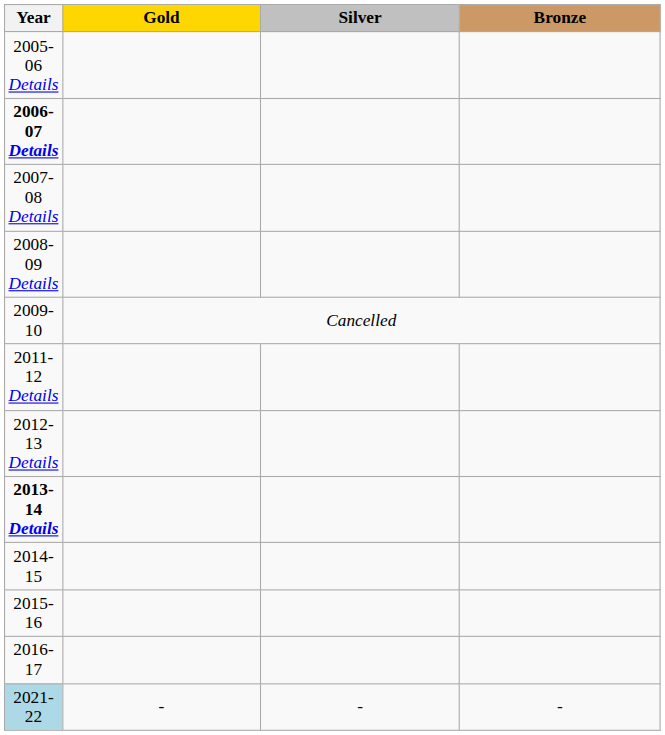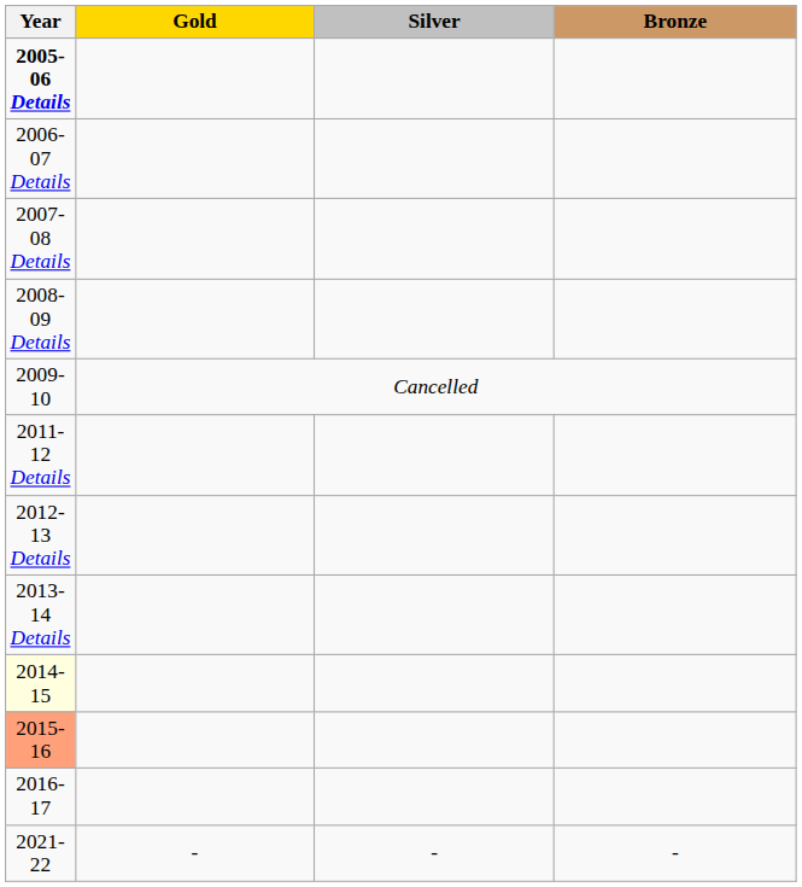 <table class="wikitable">
 <tr>
 <th>Year</th>
 <th scope=col colspan=1 style="width:200px; background: gold;">Gold</th>
 <th scope=col colspan=1 style="width:200px; background: silver;">Silver</th>
 <th scope=col colspan=1 style="width:200px; background: #cc9966;">Bronze</th>
 </tr>
 <tr align=center>
-<td>2005-06 <br><em><a href='#'>Details</a></em></td>
+<td><strong>2005-06 <br><em><a href='#'>Details</a></em></strong></td>
 <td><strong></strong></td>
 <td></td>
 <td></td>
 </tr>
 <tr align=center>
-<td><strong>2006-07 <br><em><a href='#'>Details</a></em></strong></td>
+<td>2006-07 <br><em><a href='#'>Details</a></em></td>
 <td><strong></strong></td>
 <td></td>
 <td></td>
 </tr>
 <tr align=center>
 <td>2007-08 <br><em><a href='#'>Details</a></em></td>
 <td><strong></strong></td>
 <td></td>
 <td></td>
 </tr>
 <tr align=center>
 <td>2008-09 <br><em><a href='#'>Details</a></em></td>
 <td><strong></strong></td>
 <td></td>
 <td></td>
 </tr>
 <tr align=center>
 <td>2009-10</td>
 <td colspan=3><em>Cancelled</em></td>
 </tr>
 <tr align=center>
 <td>2011-12 <br><em><a href='#'>Details</a></em></td>
 <td><strong></strong></td>
 <td></td>
 <td></td>
 </tr>
 <tr align=center>
 <td>2012-13 <br><em><a href='#'>Details</a></em></td>
 <td><strong></strong></td>
 <td></td>
 <td></td>
 </tr>
 <tr align=center>
-<td><strong>2013-14 <br><em><a href='#'>Details</a></em></strong></td>
+<td>2013-14 <br><em><a href='#'>Details</a></em></td>
 <td><strong></strong></td>
 <td><strong></strong></td>
 <td><strong></strong></td>
 </tr>
 <tr align=center>
-<td>2014-15</td>
+<td style="background: lightyellow;">2014-15</td>
 <td><strong></strong></td>
 <td></td>
 <td></td>
 </tr>
 <tr align=center>
-<td>2015-16</td>
+<td style="background: lightsalmon;">2015-16</td>
 <td><strong></strong></td>
 <td></td>
 <td></td>
 </tr>
 <tr align=center>
 <td>2016-17</td>
 <td><strong></strong></td>
 <td></td>
 <td></td>
 </tr>
 <tr align=center>
-<td style="background: lightblue;">2021-22</td>
+<td>2021-22</td>
 <td>-</td>
 <td>-</td>
 <td>-</td>
 </tr>
 </table>
